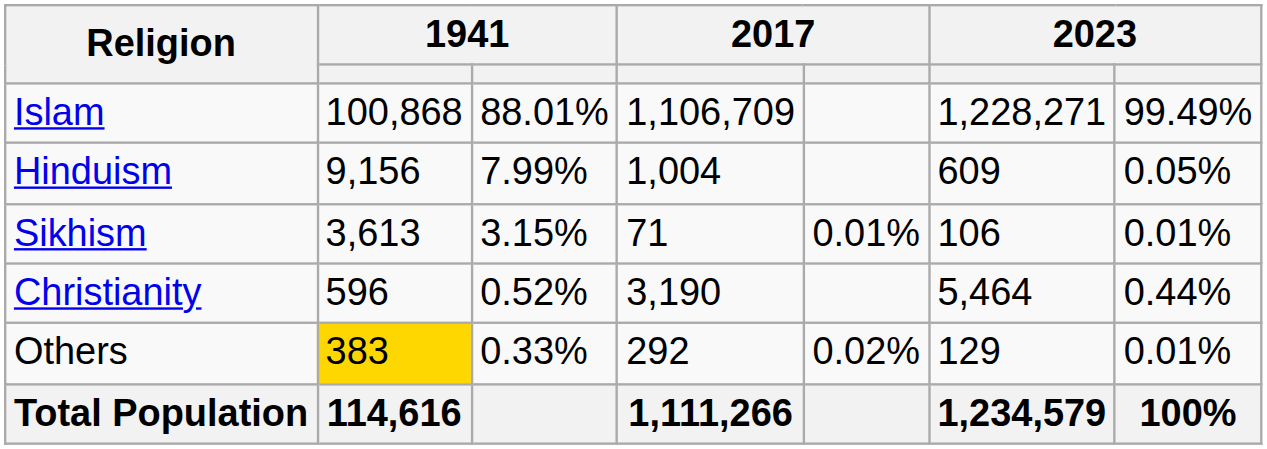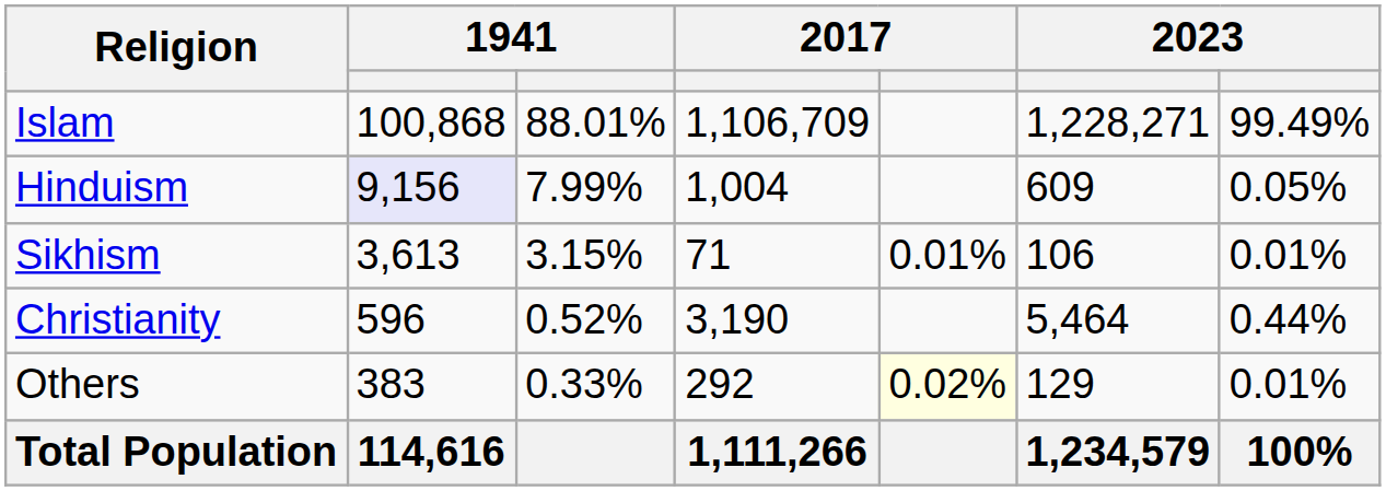 <table class="wikitable sortable">
 <tr>
 <th rowspan="2">Religion</th>
 <th colspan="2">1941</th>
 <th colspan="2">2017</th>
 <th colspan="2">2023</th>
 </tr>
 <tr>
 <th></th>
 <th></th>
 <th></th>
 <th></th>
 <th></th>
 <th></th>
 </tr>
 <tr>
 <td><a href='#'>Islam</a> </td>
 <td>100,868</td>
 <td>88.01%</td>
 <td>1,106,709</td>
 <td></td>
 <td>1,228,271</td>
 <td>99.49%</td>
 </tr>
 <tr>
 <td><a href='#'>Hinduism</a> </td>
-<td>9,156</td>
+<td style="background: lavender;">9,156</td>
 <td>7.99%</td>
 <td>1,004</td>
 <td></td>
 <td>609</td>
 <td>0.05%</td>
 </tr>
 <tr>
 <td><a href='#'>Sikhism</a> </td>
 <td>3,613</td>
 <td>3.15%</td>
 <td>71</td>
 <td>0.01%</td>
 <td>106</td>
 <td>0.01%</td>
 </tr>
 <tr>
 <td><a href='#'>Christianity</a> </td>
 <td>596</td>
 <td>0.52%</td>
 <td>3,190</td>
 <td></td>
 <td>5,464</td>
 <td>0.44%</td>
 </tr>
 <tr>
 <td>Others</td>
-<td style="background: gold;">383</td>
+<td>383</td>
 <td>0.33%</td>
 <td>292</td>
-<td>0.02%</td>
+<td style="background: lightyellow;">0.02%</td>
 <td>129</td>
 <td>0.01%</td>
 </tr>
 <tr>
 <th>Total Population</th>
 <th>114,616</th>
 <th></th>
 <th>1,111,266</th>
 <th></th>
 <th>1,234,579</th>
 <th>100%</th>
 </tr>
 </table>
